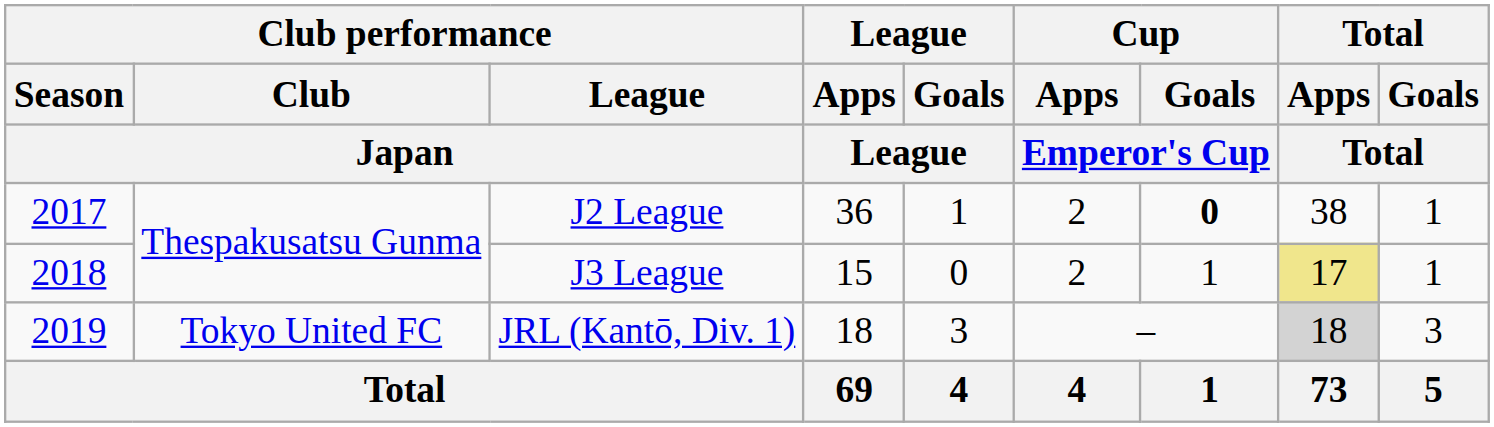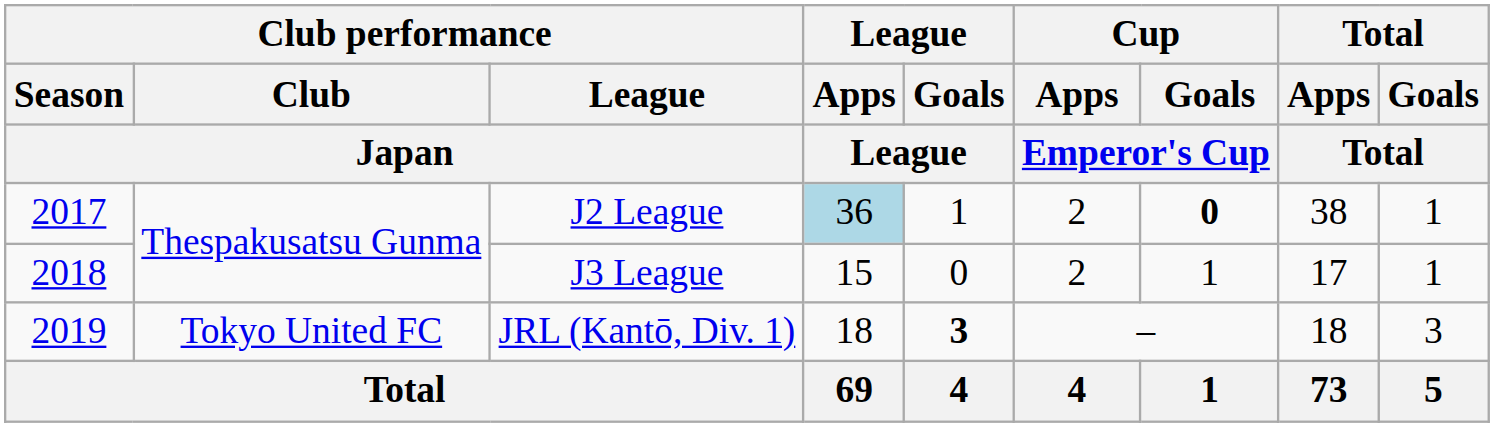 <table class="wikitable" style="text-align:center;">
 <tr>
 <th colspan=3>Club performance</th>
 <th colspan=2>League</th>
 <th colspan=2>Cup</th>
 <th colspan=2>Total</th>
 </tr>
 <tr>
 <th>Season</th>
 <th>Club</th>
 <th>League</th>
 <th>Apps</th>
 <th>Goals</th>
 <th>Apps</th>
 <th>Goals</th>
 <th>Apps</th>
 <th>Goals</th>
 </tr>
 <tr>
 <th colspan=3>Japan</th>
 <th colspan=2>League</th>
 <th colspan=2><a href='#'>Emperor's Cup</a></th>
 <th colspan=2>Total</th>
 </tr>
 <tr>
 <td><a href='#'>2017</a></td>
 <td rowspan="2"><a href='#'>Thespakusatsu Gunma</a></td>
 <td><a href='#'>J2 League</a></td>
-<td>36</td>
+<td style="background: lightblue;">36</td>
 <td>1</td>
 <td>2</td>
 <td><strong>0</strong></td>
 <td>38</td>
 <td>1</td>
 </tr>
 <tr>
 <td><a href='#'>2018</a></td>
 <td><a href='#'>J3 League</a></td>
 <td>15</td>
 <td>0</td>
 <td>2</td>
 <td>1</td>
-<td style="background: khaki;">17</td>
+<td>17</td>
 <td>1</td>
 </tr>
 <tr>
 <td><a href='#'>2019</a></td>
 <td><a href='#'>Tokyo United FC</a></td>
 <td><a href='#'>JRL (Kantō, Div. 1)</a></td>
 <td>18</td>
-<td>3</td>
+<td><strong>3</strong></td>
 <td colspan="2">–</td>
-<td style="background: lightgrey;">18</td>
+<td>18</td>
 <td>3</td>
 </tr>
 <tr>
 <th colspan=3>Total</th>
 <th>69</th>
 <th>4</th>
 <th>4</th>
 <th>1</th>
 <th>73</th>
 <th>5</th>
 </tr>
 </table>
